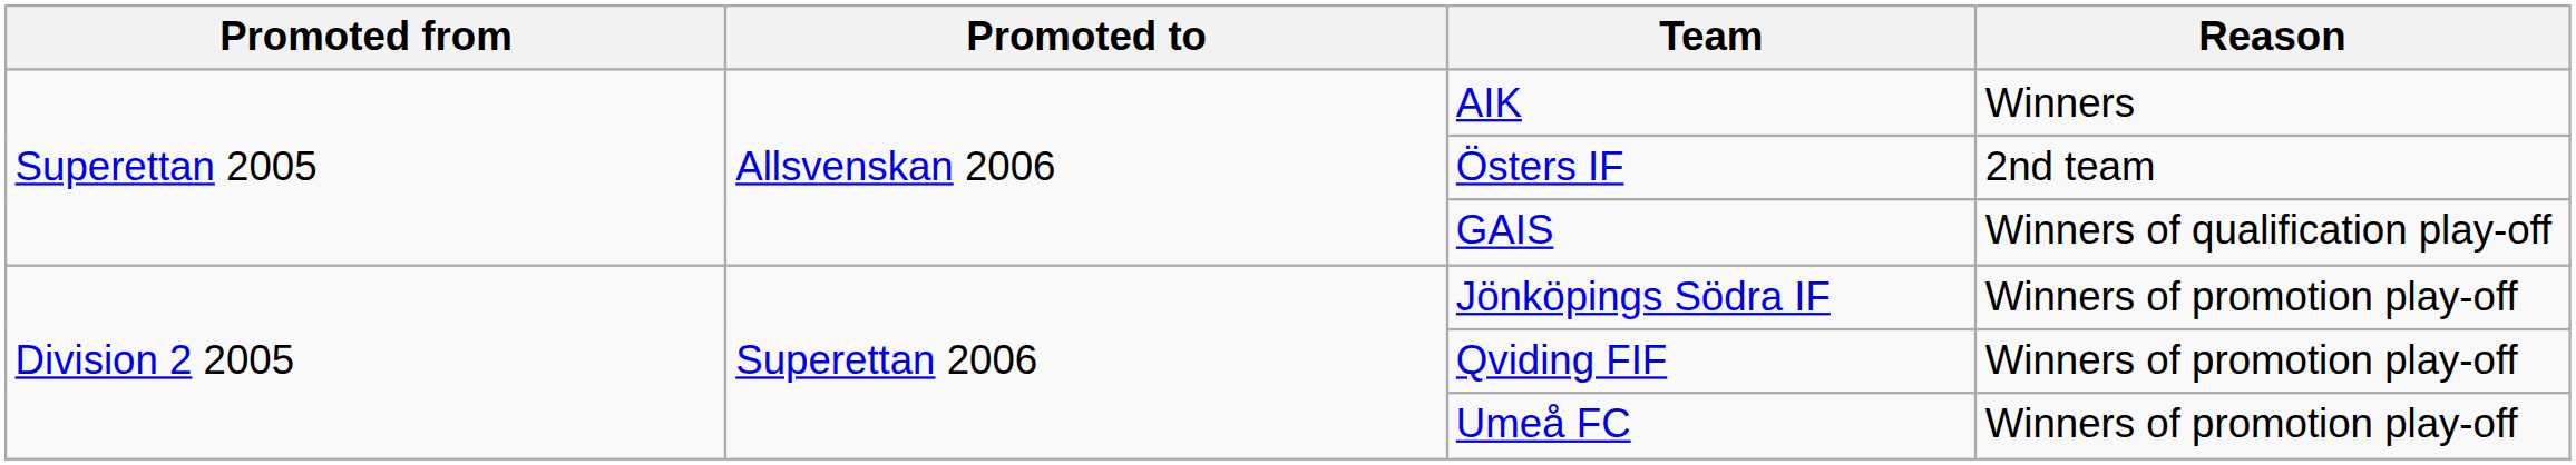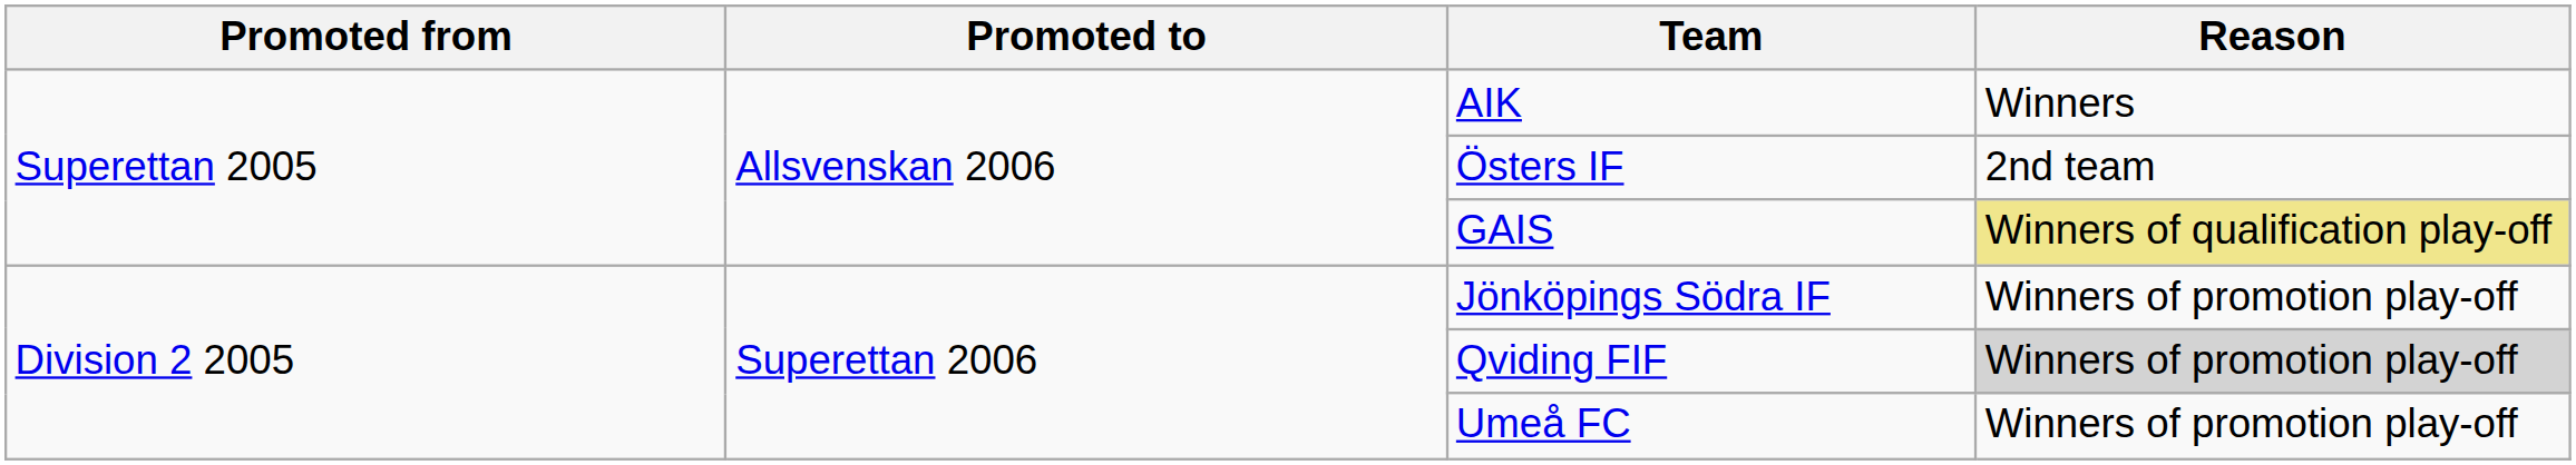 <table class="wikitable" style="text-align: left;">
 <tr>
 <th style="width: 275px;">Promoted from</th>
 <th style="width: 275px;">Promoted to</th>
 <th style="width: 200px;">Team</th>
 <th style="width: 225px;">Reason</th>
 </tr>
 <tr>
 <td rowspan="3"><a href='#'>Superettan</a> 2005</td>
 <td rowspan="3"><a href='#'>Allsvenskan</a> 2006</td>
 <td><a href='#'>AIK</a></td>
 <td>Winners</td>
 </tr>
 <tr>
 <td><a href='#'>Östers IF</a></td>
 <td>2nd team</td>
 </tr>
 <tr>
 <td><a href='#'>GAIS</a></td>
-<td>Winners of qualification play-off</td>
+<td style="background: khaki;">Winners of qualification play-off</td>
 </tr>
 <tr>
 <td rowspan="3"><a href='#'>Division 2</a> 2005</td>
 <td rowspan="3"><a href='#'>Superettan</a> 2006</td>
 <td><a href='#'>Jönköpings Södra IF</a></td>
 <td>Winners of promotion play-off</td>
 </tr>
 <tr>
 <td><a href='#'>Qviding FIF</a></td>
-<td>Winners of promotion play-off</td>
+<td style="background: lightgrey;">Winners of promotion play-off</td>
 </tr>
 <tr>
 <td><a href='#'>Umeå FC</a></td>
 <td>Winners of promotion play-off</td>
 </tr>
 </table>
